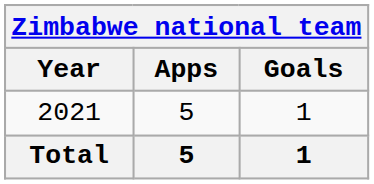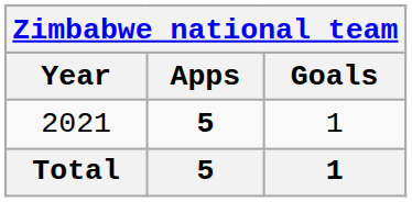 <table class="wikitable" style="text-align:center">
 <tr>
 <th colspan=3><a href='#'>Zimbabwe national team</a></th>
 </tr>
 <tr>
 <th>Year</th>
 <th>Apps</th>
 <th>Goals</th>
 </tr>
 <tr>
 <td>2021</td>
-<td>5</td>
+<td><strong>5</strong></td>
 <td>1</td>
 </tr>
 <tr>
 <th>Total</th>
 <th>5</th>
 <th>1</th>
 </tr>
 </table>
